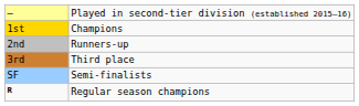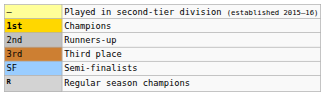 <table class="wikitable">
 <tr>
 <td style="background-color:#FFFF99" width="80px">–</td>
 <td colspan="6">Played in second-tier division <small>(established 2015–16)</small></td>
 </tr>
 <tr>
-<td style="background-color:gold" width="80px">1st</td>
+<td style="background-color:gold" width="80px"><strong>1st</strong></td>
 <td colspan="6">Champions</td>
 </tr>
 <tr>
 <td style="background-color:silver" width="80px">2nd</td>
 <td colspan="6">Runners-up</td>
 </tr>
 <tr>
 <td style="background-color:#cd7f32" width="80px">3rd</td>
 <td colspan="6">Third place</td>
 </tr>
 <tr>
 <td style="background-color:#9acdff" width="80px">SF</td>
 <td colspan="6">Semi-finalists</td>
 </tr>
 <tr>
-<td width="80px"><sup><strong>R</strong></sup></td>
+<td width="80px" style="background: lightgrey;"><sup><strong>R</strong></sup></td>
 <td colspan="6">Regular season champions</td>
 </tr>
 </table>
